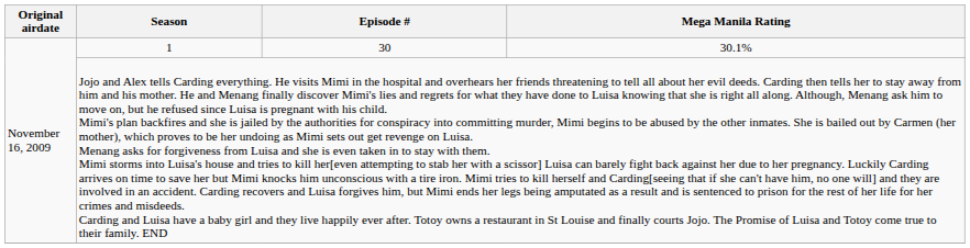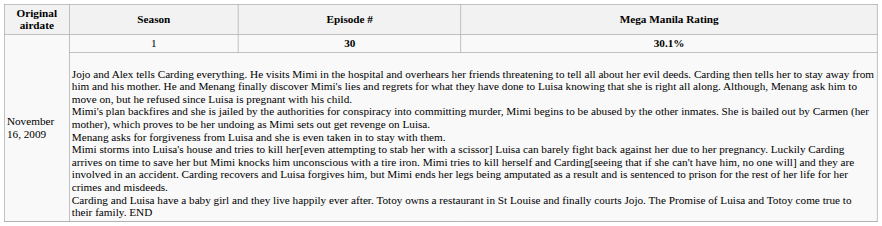 <table class="wikitable">
 <tr>
 <th>Original airdate</th>
 <th>Season</th>
 <th>Episode #</th>
 <th>Mega Manila Rating</th>
 </tr>
 <tr>
 <td rowspan="2">November 16, 2009</td>
 <td align="center">1</td>
-<td align="center">30</td>
-<td align="center">30.1%</td>
+<td align="center"><strong>30</strong></td>
+<td align="center"><strong>30.1%</strong></td>
 </tr>
 <tr>
 <td colspan="5"><br>Jojo and Alex tells Carding everything. He visits Mimi in the hospital and overhears her friends threatening to tell all about her evil deeds. Carding then tells her to stay away from him and his mother. He and Menang finally discover Mimi's lies and regrets for what they have done to Luisa knowing that she is right all along. Although, Menang ask him to move on, but he refused since Luisa is pregnant with his child.<br>Mimi's plan backfires and she is jailed by the authorities for conspiracy into committing murder, Mimi begins to be abused by the other inmates. She is bailed out by Carmen (her mother), which proves to be her undoing as Mimi sets out get revenge on Luisa.<br>Menang asks for forgiveness from Luisa and she is even taken in to stay with them.<br>Mimi storms into Luisa's house and tries to kill her[even attempting to stab her with a scissor] Luisa can barely fight back against her due to her pregnancy. Luckily Carding arrives on time to save her but Mimi knocks him unconscious with a tire iron. Mimi tries to kill herself and Carding[seeing that if she can't have him, no one will] and they are involved in an accident. Carding recovers and Luisa forgives him, but Mimi ends her legs being amputated as a result and is sentenced to prison for the rest of her life for her crimes and misdeeds.<br>Carding and Luisa have a baby girl and they live happily ever after. Totoy owns a restaurant in St Louise and finally courts Jojo. The Promise of Luisa and Totoy come true to their family. END</td>
 </tr>
 <tr>
 </tr>
 </table>
